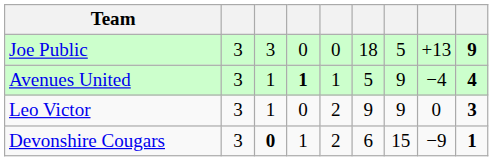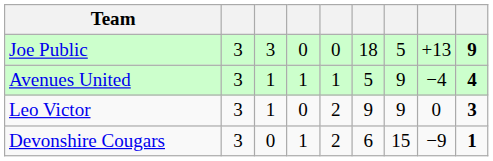 <table class="wikitable" style="text-align: center;">
 <tr>
 <th width="175">Team</th>
 <th width="20"></th>
 <th width="20"></th>
 <th width="20"></th>
 <th width="20"></th>
 <th width="20"></th>
 <th width="20"></th>
 <th width="20"></th>
 <th width="20"></th>
 </tr>
 <tr bgcolor="#ccffcc">
 <td align=left> <a href='#'>Joe Public</a></td>
 <td>3</td>
 <td>3</td>
 <td>0</td>
 <td>0</td>
 <td>18</td>
 <td>5</td>
 <td>+13</td>
 <td><strong>9</strong></td>
 </tr>
 <tr bgcolor="#ccffcc">
 <td align=left> <a href='#'>Avenues United</a></td>
 <td>3</td>
 <td>1</td>
-<td><strong>1</strong></td>
+<td>1</td>
 <td>1</td>
 <td>5</td>
 <td>9</td>
 <td>−4</td>
 <td><strong>4</strong></td>
 </tr>
 <tr>
 <td align=left> <a href='#'>Leo Victor</a></td>
 <td>3</td>
 <td>1</td>
 <td>0</td>
 <td>2</td>
 <td>9</td>
 <td>9</td>
 <td>0</td>
 <td><strong>3</strong></td>
 </tr>
 <tr>
 <td align=left> <a href='#'>Devonshire Cougars</a></td>
 <td>3</td>
-<td><strong>0</strong></td>
+<td>0</td>
 <td>1</td>
 <td>2</td>
 <td>6</td>
 <td>15</td>
 <td>−9</td>
 <td><strong>1</strong></td>
 </tr>
 </table>
